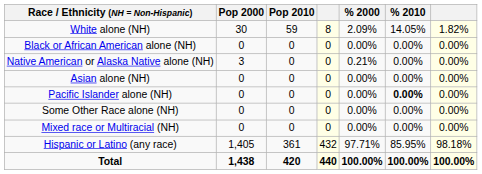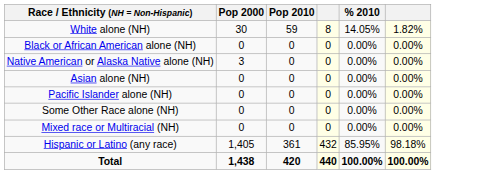 <table class="wikitable" style="text-align:center;">
 <tr>
 <th>Race / Ethnicity <small>(<em>NH = Non-Hispanic</em>)</small></th>
 <th>Pop 2000</th>
 <th>Pop 2010</th>
 <th></th>
-<th>% 2000</th>
 <th>% 2010</th>
 <th></th>
 </tr>
 <tr>
 <td><a href='#'>White</a> alone (NH)</td>
 <td>30</td>
 <td>59</td>
 <td style='background: #ffffe6;'>8</td>
-<td>2.09%</td>
 <td>14.05%</td>
 <td style='background: #ffffe6;'>1.82%</td>
 </tr>
 <tr>
 <td><a href='#'>Black or African American</a> alone (NH)</td>
 <td>0</td>
 <td>0</td>
 <td style='background: #ffffe6;'>0</td>
 <td>0.00%</td>
-<td>0.00%</td>
 <td style='background: #ffffe6;'>0.00%</td>
 </tr>
 <tr>
 <td><a href='#'>Native American</a> or <a href='#'>Alaska Native</a> alone (NH)</td>
 <td>3</td>
 <td>0</td>
 <td style='background: #ffffe6;'>0</td>
-<td>0.21%</td>
 <td>0.00%</td>
 <td style='background: #ffffe6;'>0.00%</td>
 </tr>
 <tr>
 <td><a href='#'>Asian</a> alone (NH)</td>
 <td>0</td>
 <td>0</td>
 <td style='background: #ffffe6;'>0</td>
 <td>0.00%</td>
-<td>0.00%</td>
 <td style='background: #ffffe6;'>0.00%</td>
 </tr>
 <tr>
 <td><a href='#'>Pacific Islander</a> alone (NH)</td>
 <td>0</td>
 <td>0</td>
 <td style='background: #ffffe6;'>0</td>
 <td>0.00%</td>
-<td><strong>0.00%</strong></td>
 <td style='background: #ffffe6;'>0.00%</td>
 </tr>
 <tr>
 <td>Some Other Race alone (NH)</td>
 <td>0</td>
 <td>0</td>
 <td style='background: #ffffe6;'>0</td>
-<td>0.00%</td>
 <td>0.00%</td>
 <td style='background: #ffffe6;'>0.00%</td>
 </tr>
 <tr>
 <td><a href='#'>Mixed race or Multiracial</a> (NH)</td>
 <td>0</td>
 <td>0</td>
 <td style='background: #ffffe6;'>0</td>
 <td>0.00%</td>
-<td>0.00%</td>
 <td style='background: #ffffe6;'>0.00%</td>
 </tr>
 <tr>
 <td><a href='#'>Hispanic or Latino</a> (any race)</td>
 <td>1,405</td>
 <td>361</td>
 <td style='background: #ffffe6;'>432</td>
-<td>97.71%</td>
 <td>85.95%</td>
 <td style='background: #ffffe6;'>98.18%</td>
 </tr>
 <tr>
 <td><strong>Total</strong></td>
 <td><strong>1,438</strong></td>
 <td><strong>420</strong></td>
 <td style='background: #ffffe6;'><strong>440</strong></td>
 <td><strong>100.00%</strong></td>
-<td><strong>100.00%</strong></td>
 <td style='background: #ffffe6;'><strong>100.00%</strong></td>
 </tr>
 </table>
